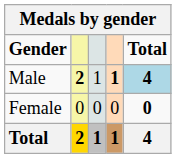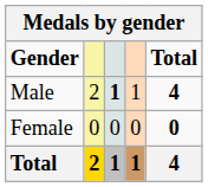 <table class="wikitable" style="text-align:center;font-size:90%">
 <tr style="background:#efefef;">
 <th colspan=7>Medals by gender</th>
 </tr>
 <tr>
 <td><strong>Gender</strong></td>
 <td bgcolor=#f7f6a8></td>
 <td bgcolor=#dce5e5></td>
 <td bgcolor=#ffdab9></td>
 <td><strong>Total</strong></td>
 </tr>
 <tr>
 <td style="text-align:left;">Male</td>
-<td style="background:#F7F6A8;"><strong>2</strong></td>
-<td style="background:#DCE5E5;">1</td>
-<td style="background:#FFDAB9;"><strong>1</strong></td>
-<td style="background: lightblue;"><strong>4</strong></td>
+<td style="background:#F7F6A8;">2</td>
+<td style="background:#DCE5E5;"><strong>1</strong></td>
+<td style="background:#FFDAB9;">1</td>
+<td><strong>4</strong></td>
 </tr>
 <tr>
 <td style="text-align:left;">Female</td>
 <td style="background:#F7F6A8;">0</td>
 <td style="background:#DCE5E5;">0</td>
 <td style="background:#FFDAB9;">0</td>
 <td><strong>0</strong></td>
 </tr>
 <tr>
 <th style="text-align:left;">Total</th>
 <th style="background:gold;">2</th>
 <th style="background:silver;">1</th>
 <th style="background:#c96;">1</th>
 <th>4</th>
 </tr>
 </table>
